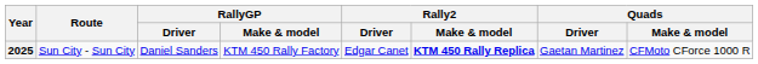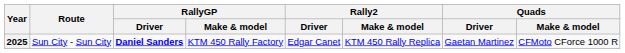 <table class="wikitable" style="font-size:85%;">
 <tr>
 <th rowspan=2>Year</th>
 <th rowspan=2>Route</th>
 <th colspan=2>RallyGP</th>
 <th colspan=2>Rally2</th>
 <th colspan=2>Quads</th>
 </tr>
 <tr>
 <th>Driver</th>
 <th>Make & model</th>
 <th>Driver</th>
 <th>Make & model</th>
 <th>Driver</th>
 <th>Make & model</th>
 </tr>
 <tr>
 <th>2025</th>
 <td><a href='#'>Sun City</a> - <a href='#'>Sun City</a></td>
-<td> <a href='#'>Daniel Sanders</a></td>
+<td><strong> <a href='#'>Daniel Sanders</a></strong></td>
 <td><a href='#'>KTM 450 Rally Factory</a></td>
 <td> <a href='#'>Edgar Canet</a></td>
-<td><strong><a href='#'>KTM 450 Rally Replica</a></strong></td>
+<td><a href='#'>KTM 450 Rally Replica</a></td>
 <td> <a href='#'>Gaetan Martinez</a></td>
 <td><a href='#'>CFMoto</a> CForce 1000 R</td>
 </tr>
 </table>
